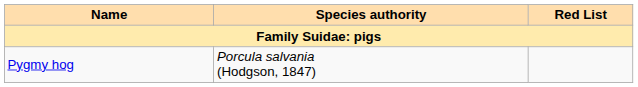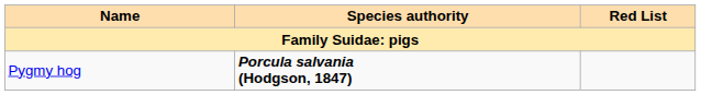 <table width="60%" class="sortable wikitable" text-align:center>
 <tr>
 <th width="20%" style="background:navajowhite">Name</th>
 <th width="30%" style="background:navajowhite">Species authority</th>
 <th width="10%" style="background:navajowhite">Red List</th>
 </tr>
 <tr>
 <td style="text-align:center;" bgcolor="#ffebad" colspan="3"><strong>Family Suidae: pigs</strong></td>
 </tr>
 <tr>
 <td><a href='#'>Pygmy hog</a></td>
-<td><em>Porcula salvania</em><br>(Hodgson, 1847)</td>
+<td><strong><em>Porcula salvania</em><br>(Hodgson, 1847)</strong></td>
 <td></td>
 </tr>
 </table>
